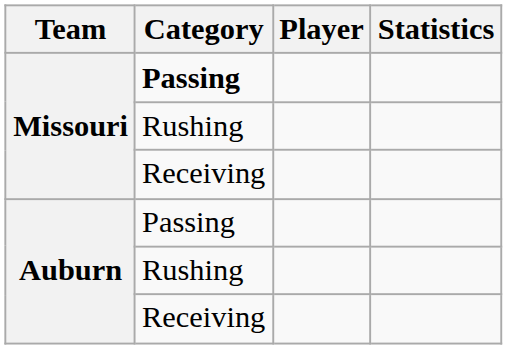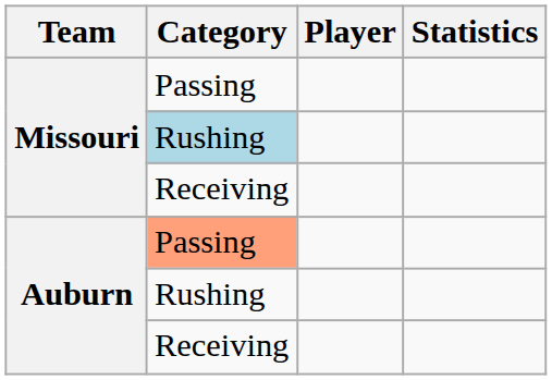 <table class="wikitable" style="float:right">
 <tr>
 <th>Team</th>
 <th>Category</th>
 <th>Player</th>
 <th>Statistics</th>
 </tr>
 <tr>
 <th rowspan=3>Missouri</th>
-<td><strong>Passing</strong></td>
+<td>Passing</td>
 <td></td>
 <td></td>
 </tr>
 <tr>
-<td>Rushing</td>
+<td style="background: lightblue;">Rushing</td>
 <td></td>
 <td></td>
 </tr>
 <tr>
 <td>Receiving</td>
 <td></td>
 <td></td>
 </tr>
 <tr>
 <th rowspan=3>Auburn</th>
-<td>Passing</td>
+<td style="background: lightsalmon;">Passing</td>
 <td></td>
 <td></td>
 </tr>
 <tr>
 <td>Rushing</td>
 <td></td>
 <td></td>
 </tr>
 <tr>
 <td>Receiving</td>
 <td></td>
 <td></td>
 </tr>
 </table>
